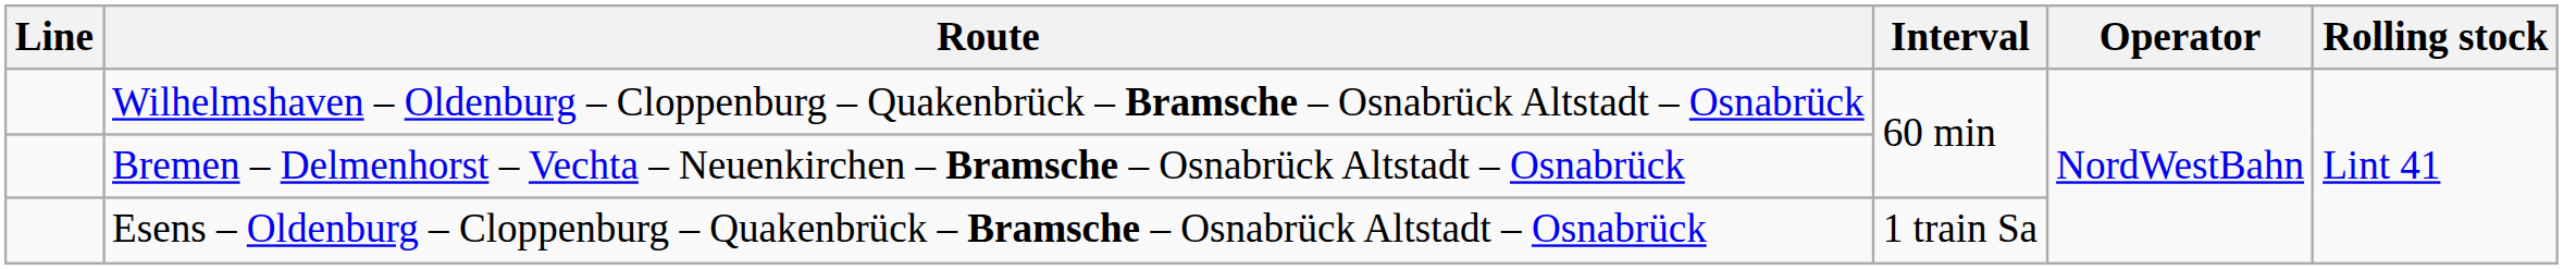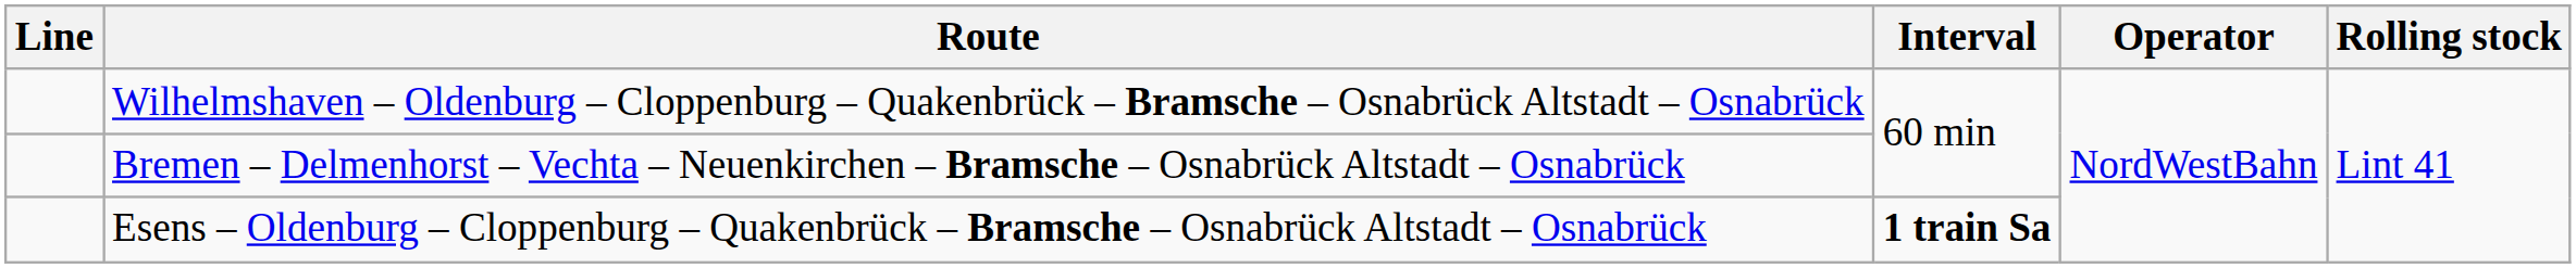 <table class="wikitable">
 <tr>
 <th>Line</th>
 <th>Route</th>
 <th>Interval</th>
 <th>Operator</th>
 <th>Rolling stock</th>
 </tr>
 <tr>
 <td></td>
 <td><a href='#'>Wilhelmshaven</a> –  <a href='#'>Oldenburg</a> – Cloppenburg – Quakenbrück – <strong>Bramsche</strong> – Osnabrück Altstadt – <a href='#'>Osnabrück</a></td>
 <td rowspan="2">60 min</td>
 <td rowspan="3"><a href='#'>NordWestBahn</a></td>
 <td rowspan="3"><a href='#'>Lint 41</a></td>
 </tr>
 <tr>
 <td></td>
 <td><a href='#'>Bremen</a> – <a href='#'>Delmenhorst</a> – <a href='#'>Vechta</a> – Neuenkirchen – <strong>Bramsche</strong> – Osnabrück Altstadt – <a href='#'>Osnabrück</a></td>
 </tr>
 <tr>
 <td></td>
 <td>Esens – <a href='#'>Oldenburg</a> – Cloppenburg – Quakenbrück – <strong>Bramsche</strong> – Osnabrück Altstadt – <a href='#'>Osnabrück</a></td>
-<td>1 train Sa</td>
+<td><strong>1 train Sa</strong></td>
 </tr>
 </table>
